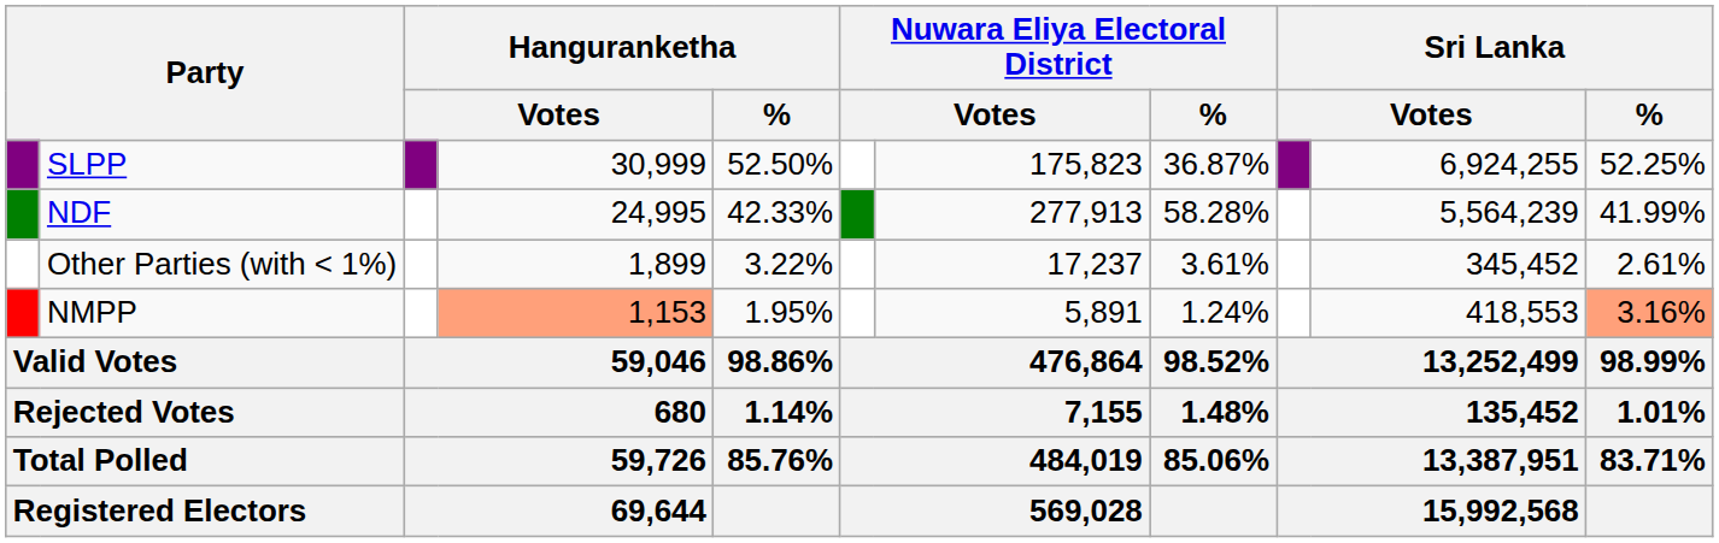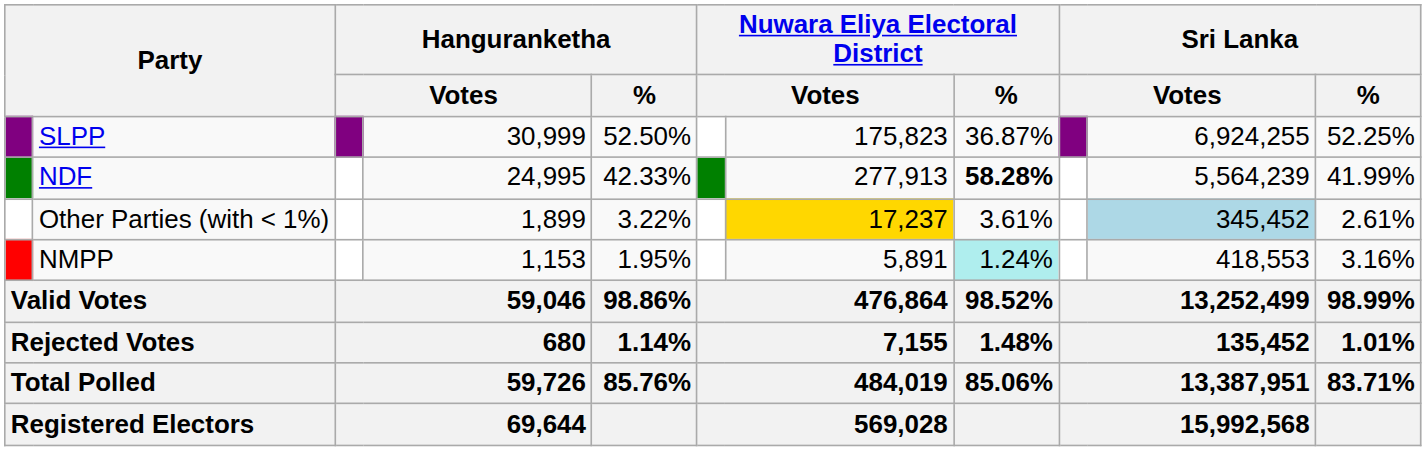 <table class="wikitable">
 <tr>
 <th colspan="2" width="144px"rowspan="2">Party</th>
 <th colspan="3" width="216px">Hanguranketha</th>
 <th colspan="3" width="216px"><a href='#'>Nuwara Eliya Electoral District</a></th>
 <th colspan="3" width="216px">Sri Lanka</th>
 </tr>
 <tr>
 <th colspan="2" width="144px">Votes</th>
 <th>%</th>
 <th colspan="2" width="144px">Votes</th>
 <th>%</th>
 <th colspan="2" width="144px">Votes</th>
 <th>%</th>
 </tr>
 <tr>
 <td style="background-color:purple;" width="10px"></td>
 <td style="text-align:left;"><a href='#'>SLPP</a></td>
 <td style="background-color:purple;" width="10px"></td>
 <td style="text-align:right;">30,999</td>
 <td style="text-align:right;">52.50%</td>
 <td style="background-color:white;" width="10px"></td>
 <td style="text-align:right;">175,823</td>
 <td style="text-align:right;">36.87%</td>
 <td style="background-color:purple;" width="10px"></td>
 <td style="text-align:right;">6,924,255</td>
 <td style="text-align:right;">52.25%</td>
 </tr>
 <tr>
 <td style="background-color:green;" width="10px"></td>
 <td style="text-align:left;"><a href='#'>NDF</a></td>
 <td style="background-color:white;" width="10px"></td>
 <td style="text-align:right;">24,995</td>
 <td style="text-align:right;">42.33%</td>
 <td style="background-color:green;" width="10px"></td>
 <td style="text-align:right;">277,913</td>
-<td style="text-align:right;">58.28%</td>
+<td style="text-align:right;"><strong>58.28%</strong></td>
 <td style="background-color:white;" width="10px"></td>
 <td style="text-align:right;">5,564,239</td>
 <td style="text-align:right;">41.99%</td>
 </tr>
 <tr>
 <td style="background-color:white;" width="10px"></td>
 <td style="text-align:left;">Other Parties (with < 1%)</td>
 <td style="background-color:white;" width="10px"></td>
 <td style="text-align:right;">1,899</td>
 <td style="text-align:right;">3.22%</td>
 <td style="background-color:white;" width="10px"></td>
-<td style="text-align:right;">17,237</td>
+<td style="background: gold; text-align:right;">17,237</td>
 <td style="text-align:right;">3.61%</td>
 <td style="background-color:white;" width="10px"></td>
-<td style="text-align:right;">345,452</td>
+<td style="background: lightblue; text-align:right;">345,452</td>
 <td style="text-align:right;">2.61%</td>
 </tr>
 <tr>
 <td style="background-color:red;" width="10px"></td>
 <td style="text-align:left;">NMPP</td>
 <td style="background-color:white;" width="10px"></td>
-<td style="background: lightsalmon; text-align:right;">1,153</td>
+<td style="text-align:right;">1,153</td>
 <td style="text-align:right;">1.95%</td>
 <td style="background-color:white;" width="10px"></td>
 <td style="text-align:right;">5,891</td>
-<td style="text-align:right;">1.24%</td>
+<td style="background: paleturquoise; text-align:right;">1.24%</td>
 <td style="background-color:white;" width="10px"></td>
 <td style="text-align:right;">418,553</td>
-<td style="background: lightsalmon; text-align:right;">3.16%</td>
+<td style="text-align:right;">3.16%</td>
 </tr>
 <tr>
 <th colspan="2" width="144px"style="text-align:left;">Valid Votes</th>
 <th style="text-align:right;"colspan="2" width="144px">59,046</th>
 <th style="text-align:right;">98.86%</th>
 <th style="text-align:right;"colspan="2" width="144px">476,864</th>
 <th style="text-align:right;">98.52%</th>
 <th style="text-align:right;"colspan="2" width="144px">13,252,499</th>
 <th style="text-align:right;">98.99%</th>
 </tr>
 <tr>
 <th colspan="2" width="144px"style="text-align:left;">Rejected Votes</th>
 <th style="text-align:right;"colspan="2" width="144px">680</th>
 <th style="text-align:right;">1.14%</th>
 <th style="text-align:right;"colspan="2" width="144px">7,155</th>
 <th style="text-align:right;">1.48%</th>
 <th style="text-align:right;"colspan="2" width="144px">135,452</th>
 <th style="text-align:right;">1.01%</th>
 </tr>
 <tr>
 <th colspan="2" width="144px"style="text-align:left;">Total Polled</th>
 <th style="text-align:right;"colspan="2" width="144px">59,726</th>
 <th style="text-align:right;">85.76%</th>
 <th style="text-align:right;"colspan="2" width="144px">484,019</th>
 <th style="text-align:right;">85.06%</th>
 <th style="text-align:right;"colspan="2" width="144px">13,387,951</th>
 <th style="text-align:right;">83.71%</th>
 </tr>
 <tr>
 <th colspan="2" width="144px"style="text-align:left;">Registered Electors</th>
 <th style="text-align:right;"colspan="2" width="144px">69,644</th>
 <th></th>
 <th style="text-align:right;"colspan="2" width="144px">569,028</th>
 <th></th>
 <th style="text-align:right;"colspan="2" width="144px">15,992,568</th>
 <th></th>
 </tr>
 </table>
